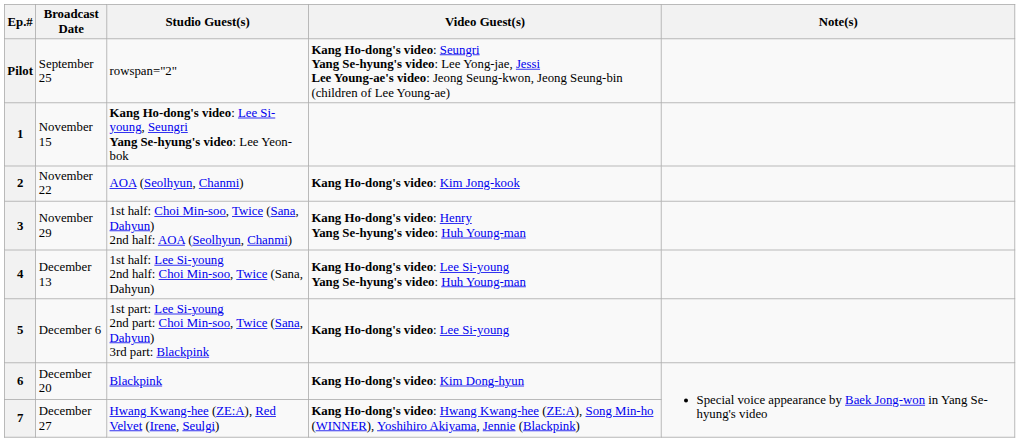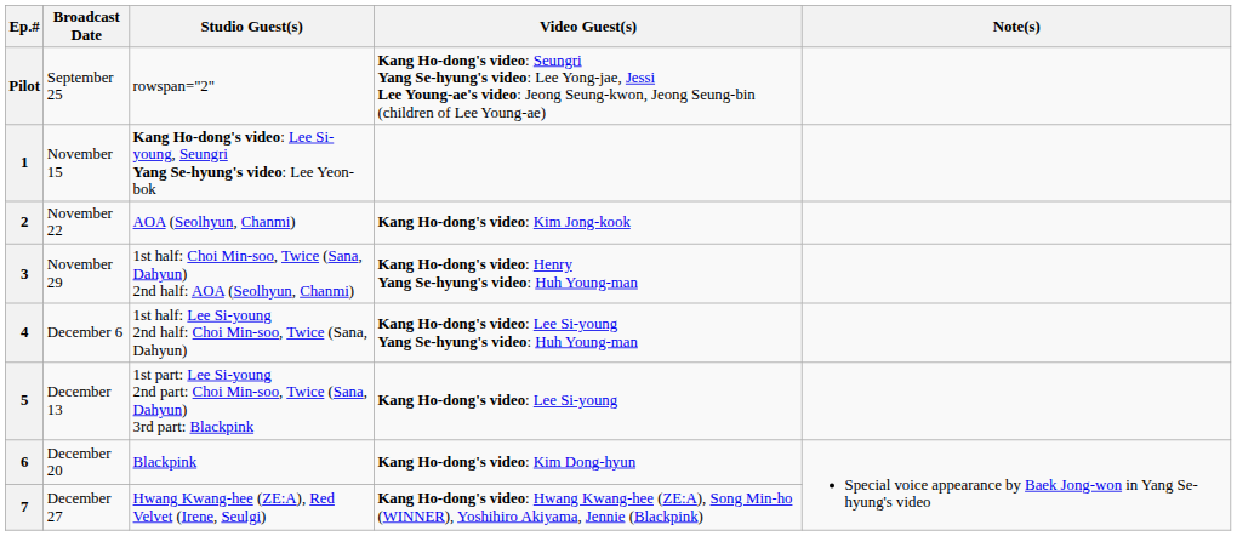 <table Class ="wikitable" style="width: 100%" style="text-align:center">
 <tr>
 <th width=3%>Ep.#</th>
 <th width=7%>Broadcast Date</th>
 <th width=20%>Studio Guest(s)</th>
 <th width=35%>Video Guest(s)</th>
 <th width=35%>Note(s)</th>
 </tr>
 <tr>
 <th>Pilot</th>
 <td>September 25</td>
 <td>rowspan="2" </td>
 <td><strong>Kang Ho-dong's video</strong>: <a href='#'>Seungri</a><br><strong>Yang Se-hyung's video</strong>: Lee Yong-jae, <a href='#'>Jessi</a><br><strong>Lee Young-ae's video</strong>: Jeong Seung-kwon, Jeong Seung-bin (children of Lee Young-ae)</td>
 <td></td>
 </tr>
 <tr>
 <th>1</th>
 <td>November 15</td>
 <td><strong>Kang Ho-dong's video</strong>: <a href='#'>Lee Si-young</a>, <a href='#'>Seungri</a><br><strong>Yang Se-hyung's video</strong>: Lee Yeon-bok</td>
 <td></td>
 </tr>
 <tr>
 <th>2</th>
 <td>November 22</td>
 <td><a href='#'>AOA</a> (<a href='#'>Seolhyun</a>, <a href='#'>Chanmi</a>)</td>
 <td><strong>Kang Ho-dong's video</strong>: <a href='#'>Kim Jong-kook</a></td>
 <td></td>
 </tr>
 <tr>
 <th>3</th>
 <td>November 29</td>
 <td>1st half: <a href='#'>Choi Min-soo</a>, <a href='#'>Twice</a> (<a href='#'>Sana</a>, <a href='#'>Dahyun</a>)<br>2nd half: <a href='#'>AOA</a> (<a href='#'>Seolhyun</a>, <a href='#'>Chanmi</a>)</td>
 <td><strong>Kang Ho-dong's video</strong>: <a href='#'>Henry</a><br><strong>Yang Se-hyung's video</strong>: <a href='#'>Huh Young-man</a></td>
 <td></td>
 </tr>
 <tr>
 <th>4</th>
-<td>December 13</td>
+<td>December 6</td>
 <td>1st half: <a href='#'>Lee Si-young</a><br>2nd half: <a href='#'>Choi Min-soo</a>, <a href='#'>Twice</a> (Sana, Dahyun)</td>
 <td><strong>Kang Ho-dong's video</strong>: <a href='#'>Lee Si-young</a><br><strong>Yang Se-hyung's video</strong>: <a href='#'>Huh Young-man</a></td>
 <td></td>
 </tr>
 <tr>
 <th>5</th>
-<td>December 6</td>
+<td>December 13</td>
 <td>1st part: <a href='#'>Lee Si-young</a><br>2nd part: <a href='#'>Choi Min-soo</a>, <a href='#'>Twice</a> (<a href='#'>Sana</a>, <a href='#'>Dahyun</a>)<br>3rd part: <a href='#'>Blackpink</a></td>
 <td><strong>Kang Ho-dong's video</strong>: <a href='#'>Lee Si-young</a></td>
 <td></td>
 </tr>
 <tr>
 <th>6</th>
 <td>December 20</td>
 <td><a href='#'>Blackpink</a></td>
 <td><strong>Kang Ho-dong's video</strong>: <a href='#'>Kim Dong-hyun</a></td>
 <td rowspan="2"><br><ul><li>Special voice appearance by <a href='#'>Baek Jong-won</a> in Yang Se-hyung's video</li></ul></td>
 </tr>
 <tr>
 <th>7</th>
 <td>December 27</td>
 <td><a href='#'>Hwang Kwang-hee</a> (<a href='#'>ZE:A</a>), <a href='#'>Red Velvet</a> (<a href='#'>Irene</a>, <a href='#'>Seulgi</a>)</td>
 <td><strong>Kang Ho-dong's video</strong>: <a href='#'>Hwang Kwang-hee</a> (<a href='#'>ZE:A</a>), <a href='#'>Song Min-ho</a> (<a href='#'>WINNER</a>), <a href='#'>Yoshihiro Akiyama</a>, <a href='#'>Jennie</a> (<a href='#'>Blackpink</a>)</td>
 </tr>
 </table>
